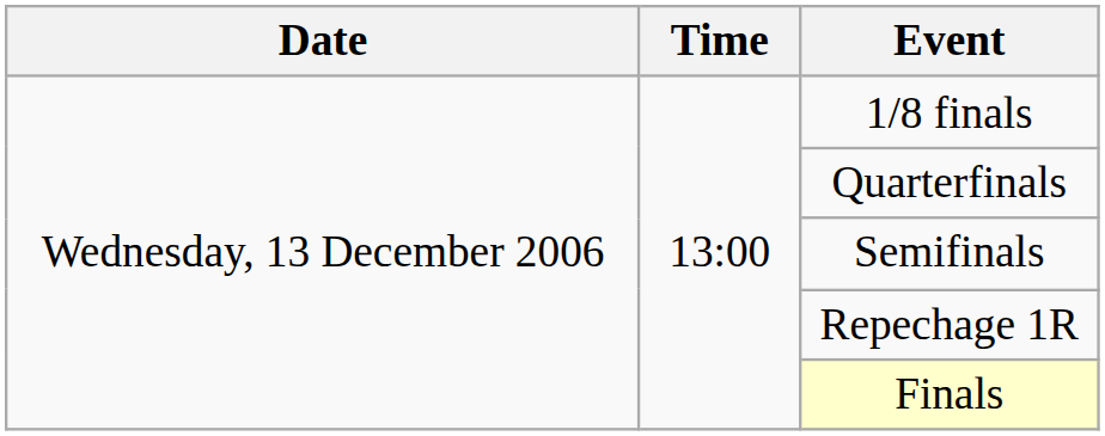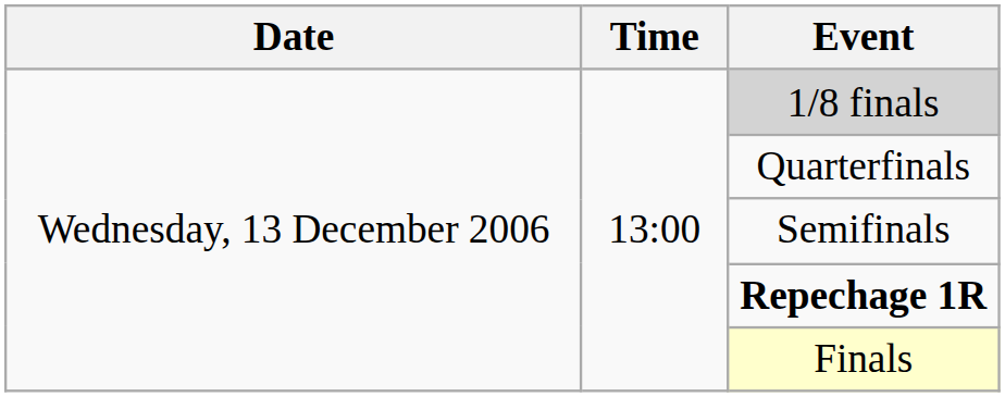 <table class = "wikitable" style="text-align:center;">
 <tr>
 <th width=220>Date</th>
 <th width=50>Time</th>
 <th width=100>Event</th>
 </tr>
 <tr>
 <td rowspan=5>Wednesday, 13 December 2006</td>
 <td rowspan=5>13:00</td>
-<td>1/8 finals</td>
+<td style="background: lightgrey;">1/8 finals</td>
 </tr>
 <tr>
 <td>Quarterfinals</td>
 </tr>
 <tr>
 <td>Semifinals</td>
 </tr>
 <tr>
-<td>Repechage 1R</td>
+<td><strong>Repechage 1R</strong></td>
 </tr>
 <tr>
 <td bgcolor=ffffcc>Finals</td>
 </tr>
 </table>
